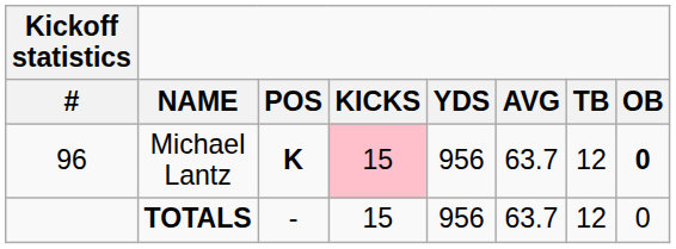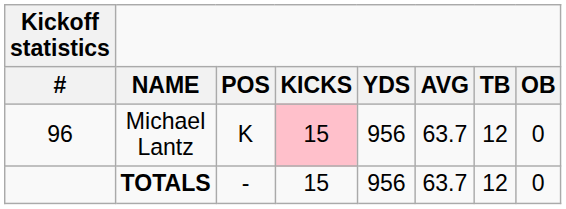 <table style="width:60%; text-align:center;" class="wikitable collapsible collapsed">
 <tr>
 <th style="text-align:center; ">Kickoff statistics</th>
 </tr>
 <tr>
 <th>#</th>
 <th>NAME</th>
 <th>POS</th>
 <th>KICKS</th>
 <th>YDS</th>
 <th>AVG</th>
 <th>TB</th>
 <th>OB</th>
 </tr>
 <tr>
 <td>96</td>
 <td>Michael Lantz</td>
-<td><strong>K</strong></td>
+<td>K</td>
 <td style="background: pink;">15</td>
 <td>956</td>
 <td>63.7</td>
 <td>12</td>
-<td><strong>0</strong></td>
+<td>0</td>
 </tr>
 <tr>
 <td></td>
 <td><strong>TOTALS</strong></td>
 <td>-</td>
 <td>15</td>
 <td>956</td>
 <td>63.7</td>
 <td>12</td>
 <td>0</td>
 </tr>
 </table>
